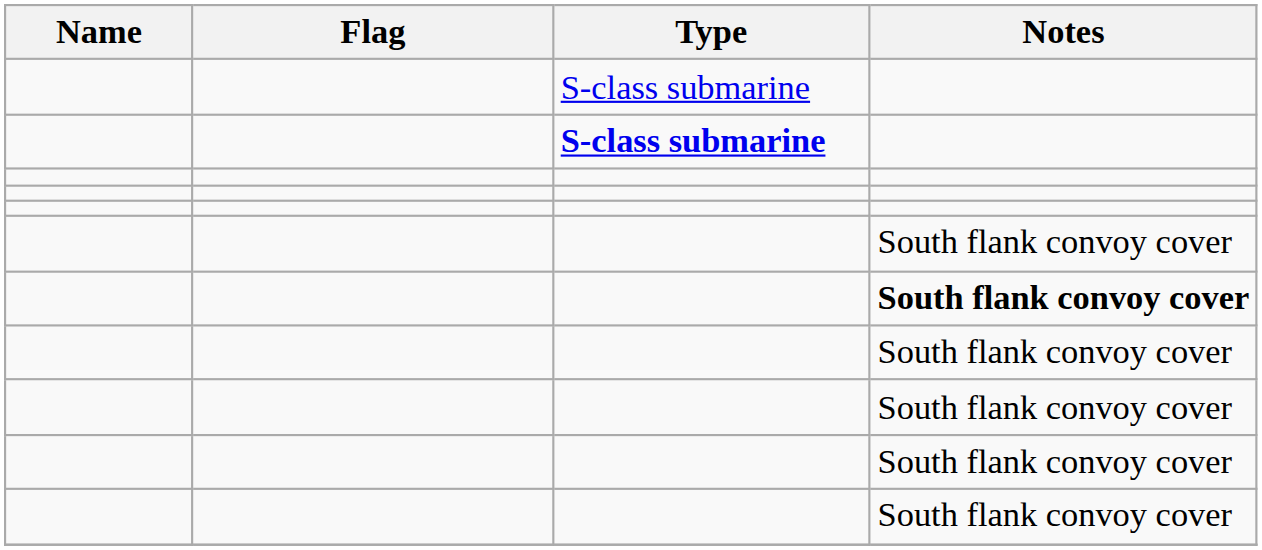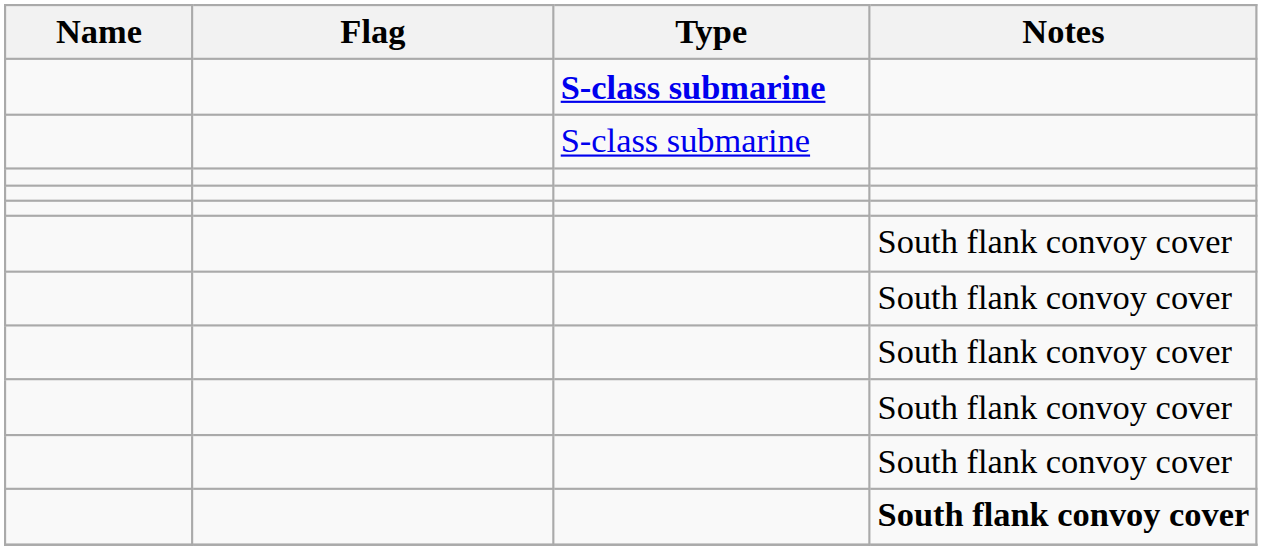 <table class="wikitable sortable">
 <tr>
 <th scope="col" width="80px">Name</th>
 <th scope="col" width="160px">Flag</th>
 <th scope="col" width="140px">Type</th>
 <th>Notes</th>
 </tr>
 <tr>
 <td align="left"></td>
 <td align="left"></td>
-<td align="left"><a href='#'>S-class submarine</a></td>
+<td align="left"><strong><a href='#'>S-class submarine</a></strong></td>
 <td align="left"></td>
 </tr>
 <tr>
 <td align="left"></td>
 <td align="left"></td>
-<td align="left"><strong><a href='#'>S-class submarine</a></strong></td>
+<td align="left"><a href='#'>S-class submarine</a></td>
 <td align="left"></td>
 </tr>
 <tr>
 <td align="left"></td>
 <td align="left"></td>
 <td align="left"></td>
 <td align="left"></td>
 </tr>
 <tr>
 <td align="left"></td>
 <td align="left"></td>
 <td align="left"></td>
 <td align="left"></td>
 </tr>
 <tr>
 <td align="left"></td>
 <td align="left"></td>
 <td align="left"></td>
 <td align="left"></td>
 </tr>
 <tr>
 <td align="left"></td>
 <td align="left"></td>
 <td align="left"></td>
 <td align="left">South flank convoy cover</td>
 </tr>
 <tr>
 <td align="left"></td>
 <td align="left"></td>
 <td align="left"></td>
-<td align="left"><strong>South flank convoy cover</strong></td>
+<td align="left">South flank convoy cover</td>
 </tr>
 <tr>
 <td align="left"></td>
 <td align="left"></td>
 <td align="left"></td>
 <td align="left">South flank convoy cover</td>
 </tr>
 <tr>
 <td align="left"></td>
 <td align="left"></td>
 <td align="left"></td>
 <td align="left">South flank convoy cover</td>
 </tr>
 <tr>
 <td align="left"></td>
 <td align="left"></td>
 <td align="left"></td>
 <td align="left">South flank convoy cover</td>
 </tr>
 <tr>
 <td align="left"></td>
 <td align="left"></td>
 <td align="left"></td>
-<td align="left">South flank convoy cover</td>
+<td align="left"><strong>South flank convoy cover</strong></td>
 </tr>
 <tr>
 </tr>
 </table>
